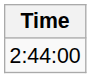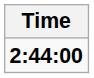 <table class="wikitable" border="1" align="upright">
 <tr>
 <th>Time</th>
 </tr>
 <tr>
-<td>2:44:00</td>
+<td><strong>2:44:00</strong></td>
 </tr>
 </table>
